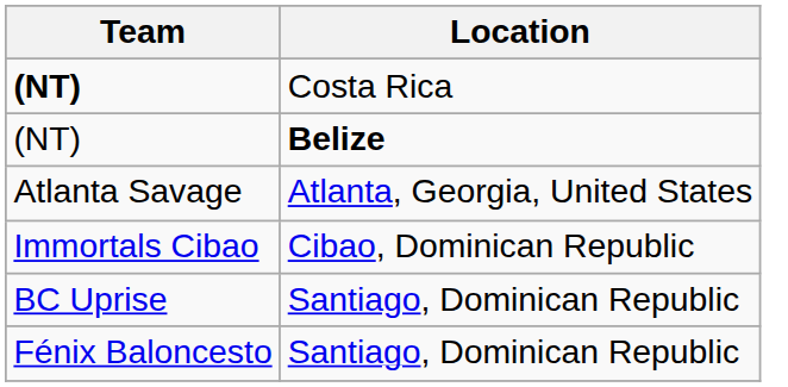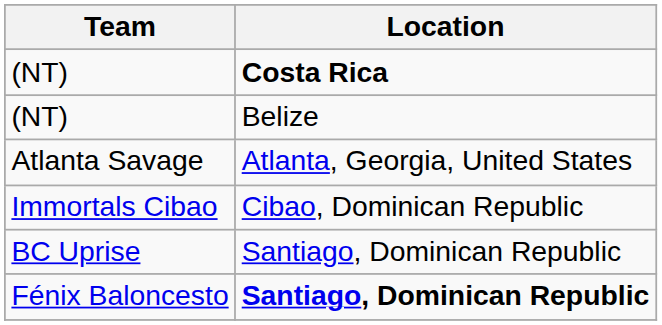 <table class="wikitable">
 <tr>
 <th>Team</th>
 <th>Location</th>
 </tr>
 <tr>
-<td><strong> (NT)</strong></td>
-<td>Costa Rica</td>
+<td> (NT)</td>
+<td><strong>Costa Rica</strong></td>
 </tr>
 <tr>
 <td> (NT)</td>
-<td><strong>Belize</strong></td>
+<td>Belize</td>
 </tr>
 <tr>
 <td> Atlanta Savage</td>
 <td><a href='#'>Atlanta</a>, Georgia, United States</td>
 </tr>
 <tr>
 <td> <a href='#'>Immortals Cibao</a></td>
 <td><a href='#'>Cibao</a>, Dominican Republic</td>
 </tr>
 <tr>
 <td> <a href='#'>BC Uprise</a></td>
 <td><a href='#'>Santiago</a>, Dominican Republic</td>
 </tr>
 <tr>
 <td> <a href='#'>Fénix Baloncesto</a></td>
-<td><a href='#'>Santiago</a>, Dominican Republic</td>
+<td><strong><a href='#'>Santiago</a>, Dominican Republic</strong></td>
 </tr>
 </table>
